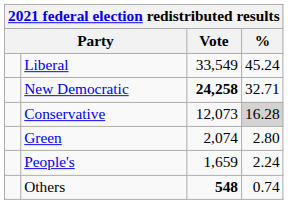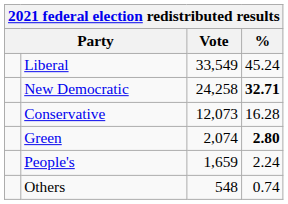 <table class="wikitable">
 <tr>
 <th colspan="4"><a href='#'>2021 federal election</a> redistributed results</th>
 </tr>
 <tr>
 <th bgcolor="#DDDDFF" width="130px" colspan="2">Party</th>
 <th bgcolor="#DDDDFF" width="50px">Vote</th>
 <th bgcolor="#DDDDFF" width="30px">%</th>
 </tr>
 <tr>
 <td> </td>
 <td><a href='#'>Liberal</a></td>
 <td align=right>33,549</td>
 <td align=right>45.24</td>
 </tr>
 <tr>
 <td> </td>
 <td><a href='#'>New Democratic</a></td>
-<td align=right><strong>24,258</strong></td>
-<td align=right>32.71</td>
+<td align=right>24,258</td>
+<td align=right><strong>32.71</strong></td>
 </tr>
 <tr>
 <td> </td>
 <td><a href='#'>Conservative</a></td>
 <td align=right>12,073</td>
-<td align=right style="background: lightgrey;">16.28</td>
+<td align=right>16.28</td>
 </tr>
 <tr>
 <td> </td>
 <td><a href='#'>Green</a></td>
 <td align=right>2,074</td>
-<td align=right>2.80</td>
+<td align=right><strong>2.80</strong></td>
 </tr>
 <tr>
 <td> </td>
 <td><a href='#'>People's</a></td>
 <td align=right>1,659</td>
 <td align=right>2.24</td>
 </tr>
 <tr>
 <td> </td>
 <td>Others</td>
-<td align=right><strong>548</strong></td>
+<td align=right>548</td>
 <td align=right>0.74</td>
 </tr>
 </table>
